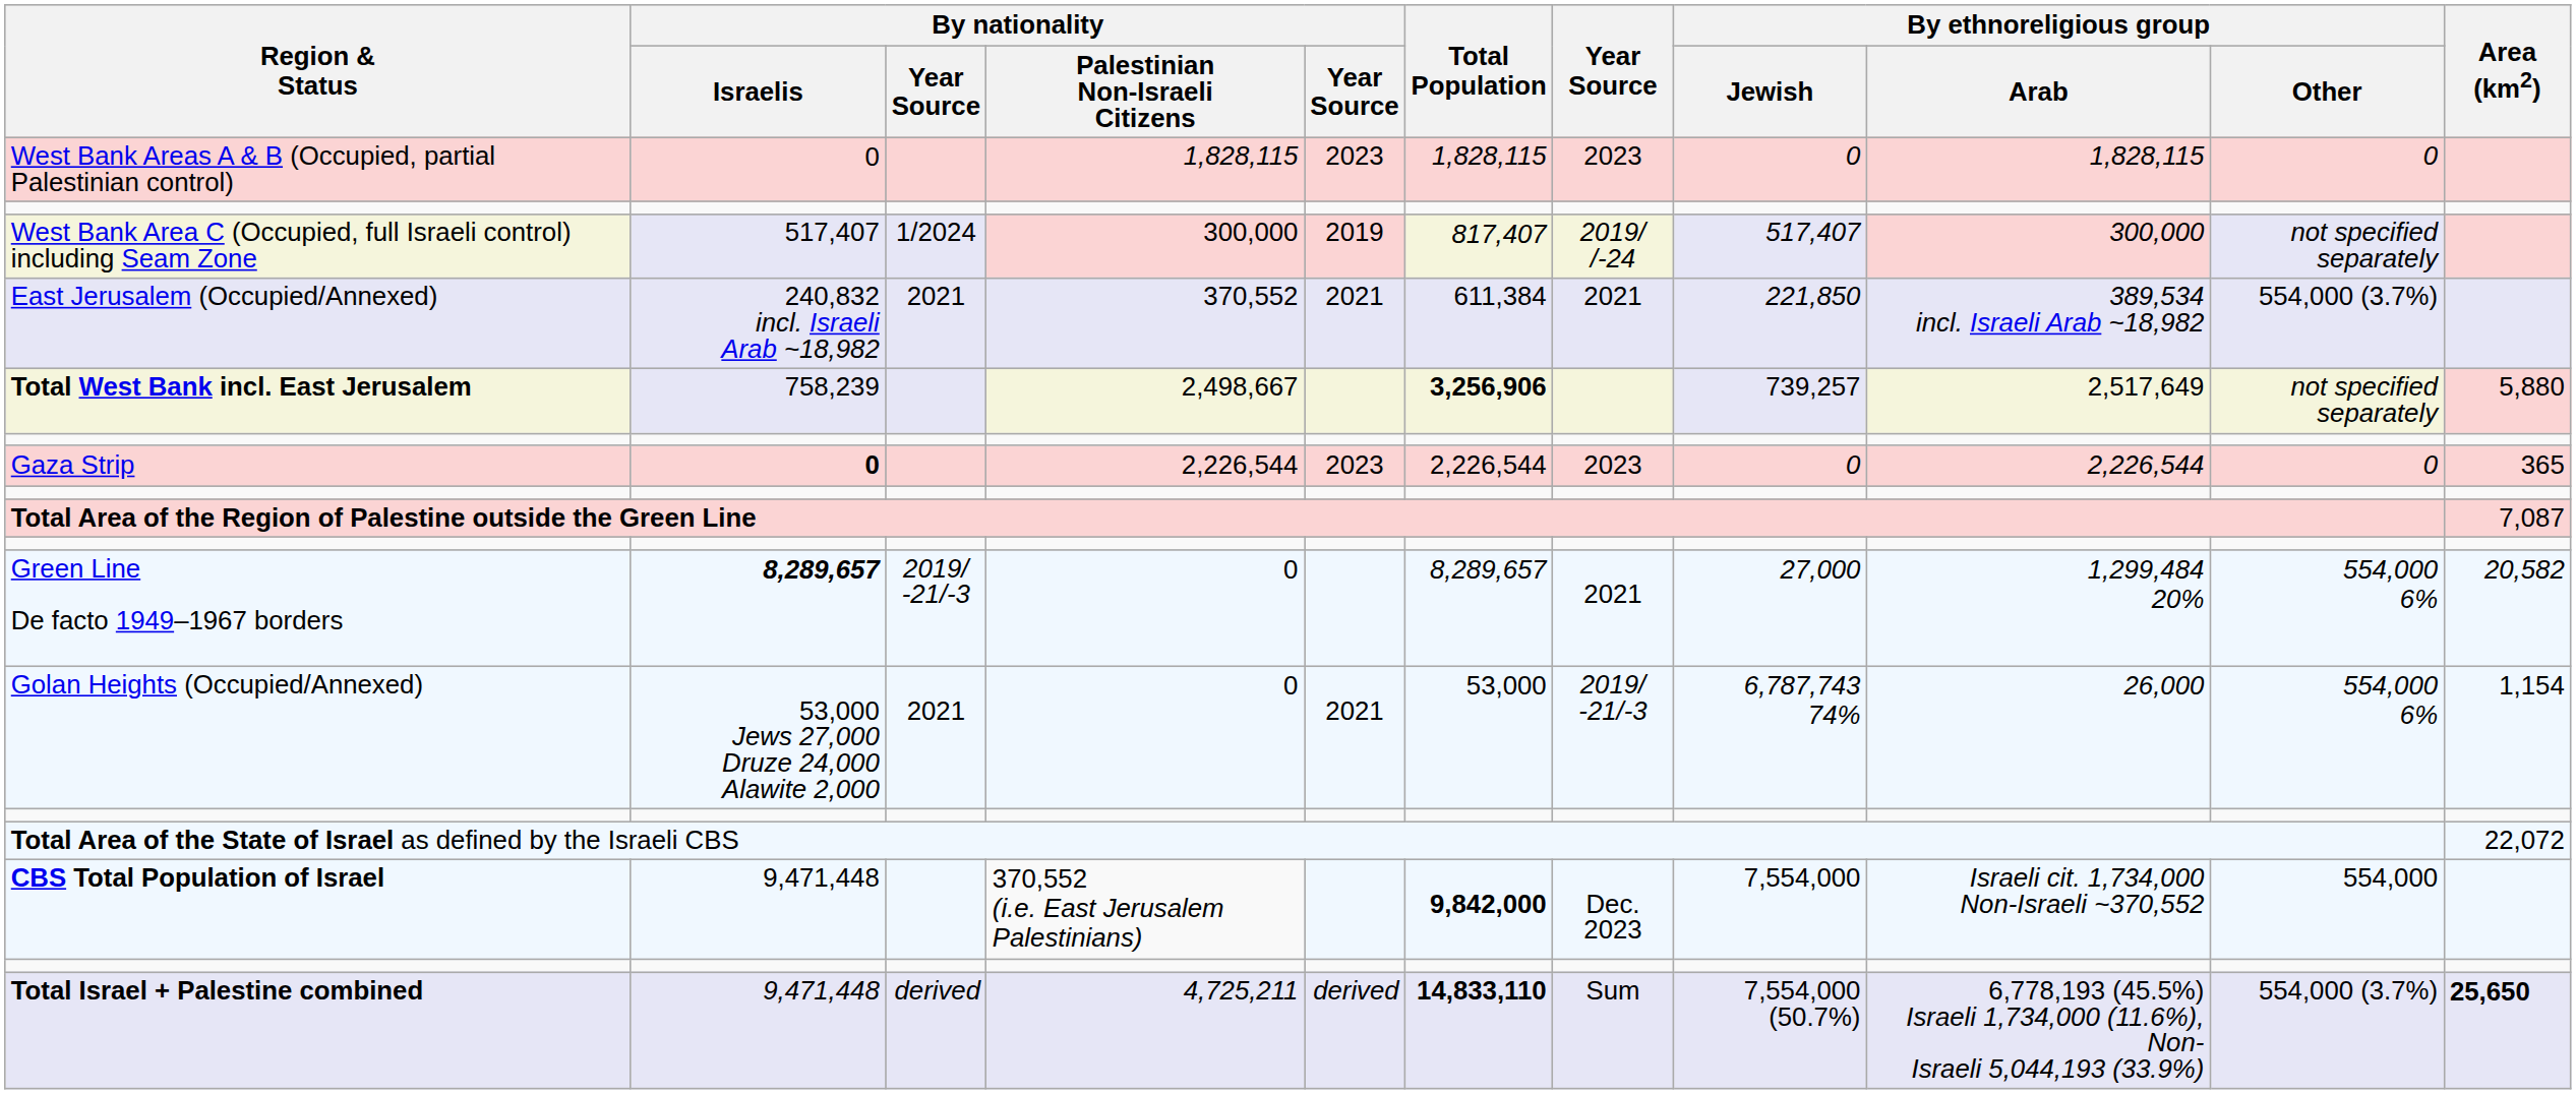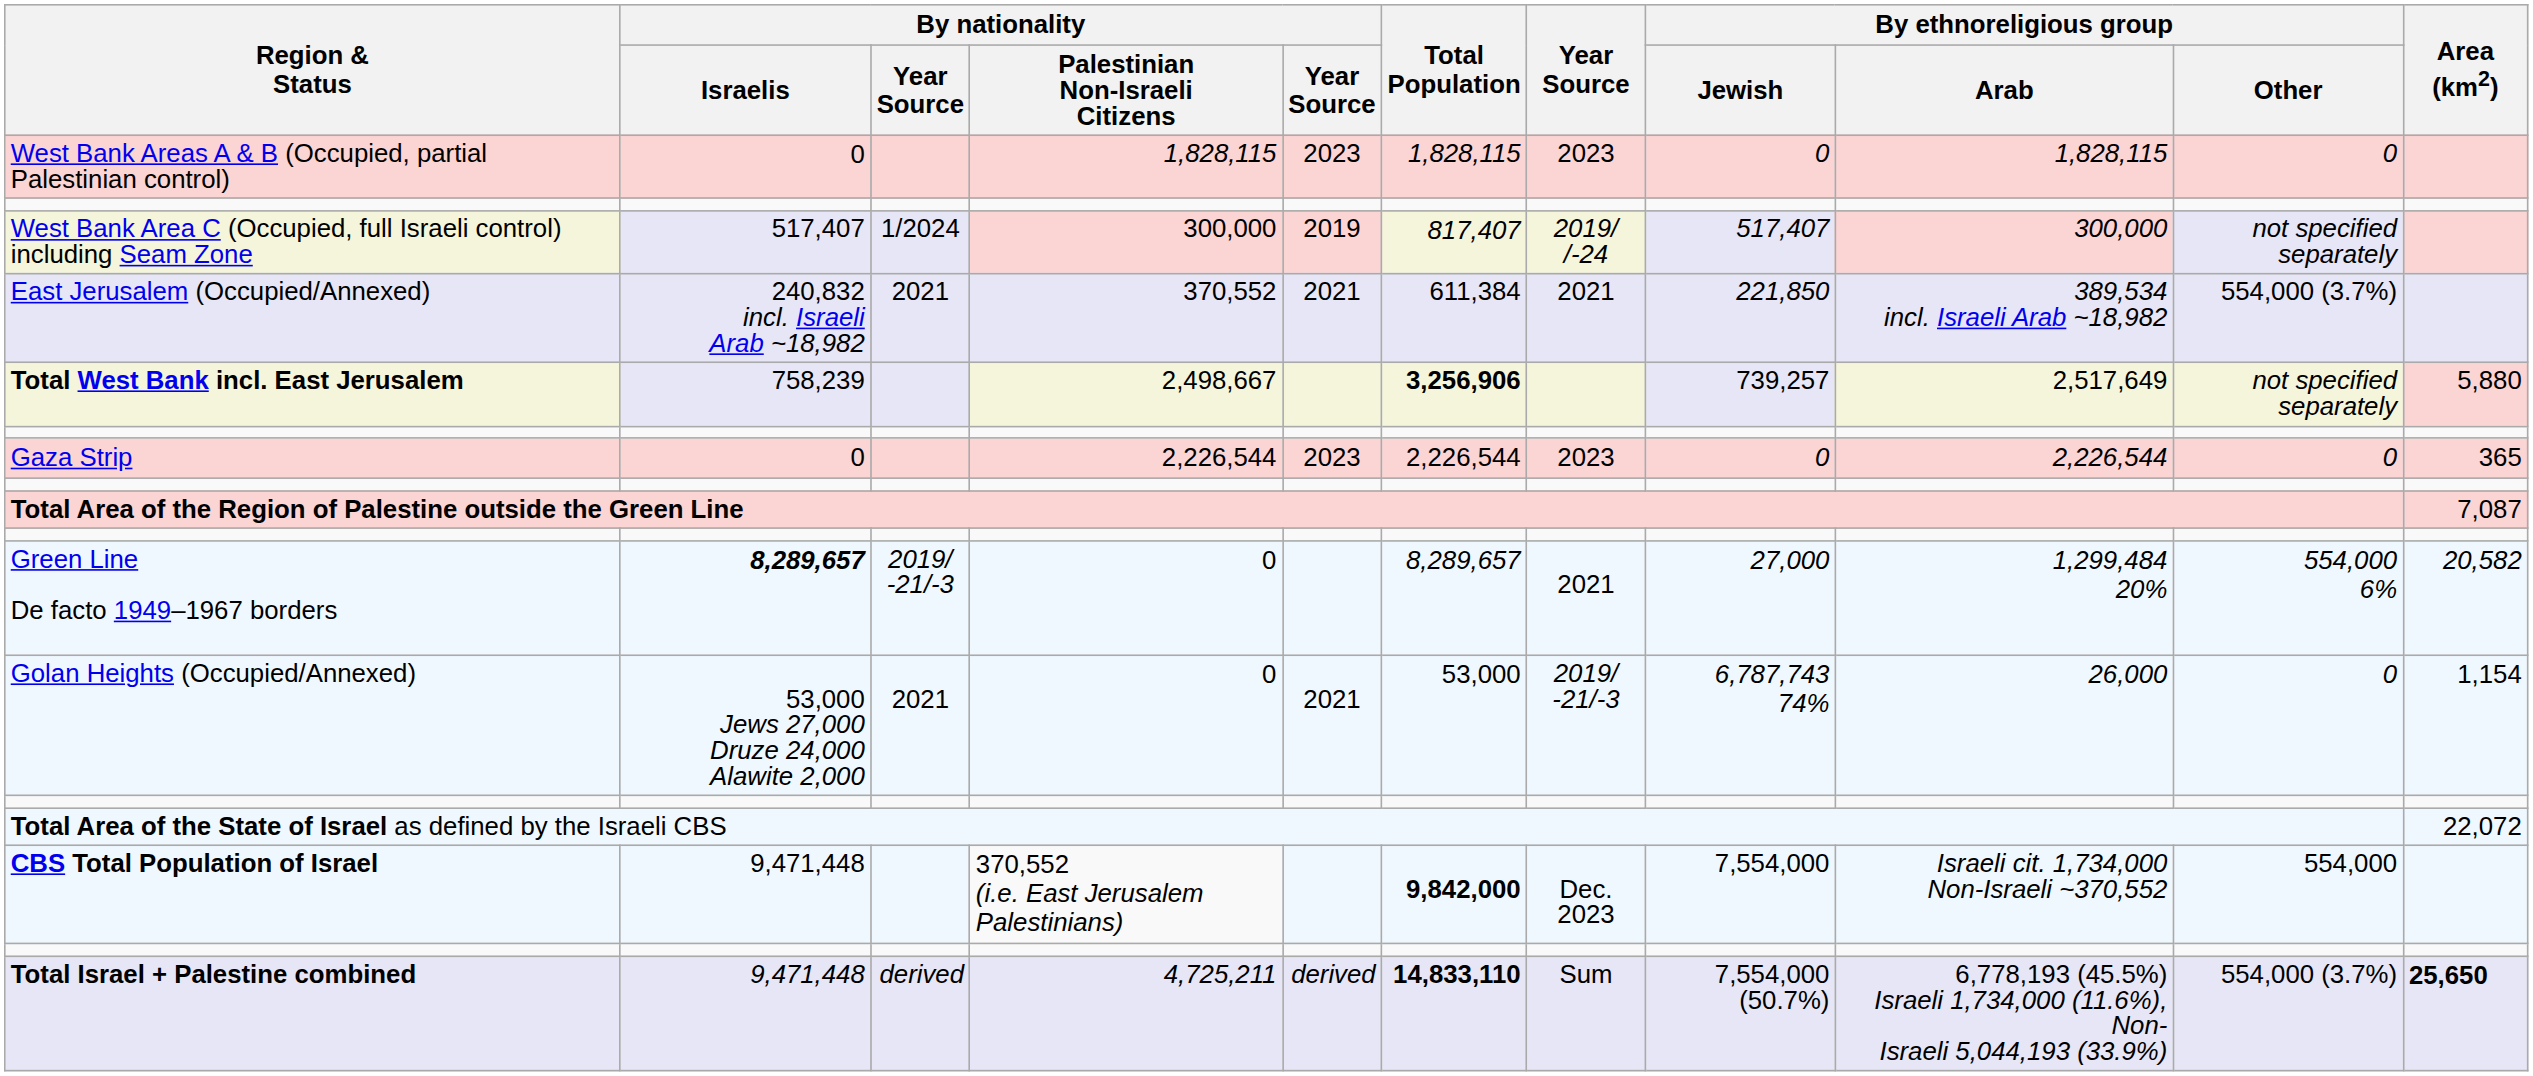 <table class="wikitable sortable sort-under">
 <tr>
 <th rowspan = 2>Region &<br>Status</th>
 <th colspan = 4>By nationality</th>
 <th rowspan = 2>Total<br>Population</th>
 <th rowspan = 2>Year<br>Source</th>
 <th colspan = 3>By ethnoreligious group</th>
 <th rowspan = 2>Area (km<sup>2</sup>)</th>
 </tr>
 <tr>
 <th scope="col">Israelis</th>
 <th scope="col">Year<br>Source</th>
 <th scope="col" style="vertical-align:top;line-height:100%;">Palestinian<br>Non-Israeli<br>Citizens</th>
 <th scope="col">Year<br>Source</th>
 <th scope="col">Jewish</th>
 <th scope="col">Arab</th>
 <th scope="col">Other</th>
 </tr>
 <tr>
 <td style="vertical-align:top;line-height:100%;background:#fbd4d4;"><a href='#'>West Bank Areas A & B</a> (Occupied, partial Palestinian control)</td>
 <td style="vertical-align:top;text-align:right;background:#fbd4d4;">0</td>
 <td style="vertical-align:top;text-align:center;background:#fbd4d4;"></td>
 <td style="vertical-align:top;text-align:right;line-height:100%;background:#fbd4d4;"><em>1,828,115</em></td>
 <td style="vertical-align:top;text-align:center;line-height:100%;background:#fbd4d4;">2023<br></td>
 <td style="vertical-align:top;text-align:right;line-height:100%;background:#fbd4d4;"><em>1,828,115</em></td>
 <td style="vertical-align:top;text-align:center;line-height:100%;background:#fbd4d4;">2023<br></td>
 <td style="vertical-align:top;text-align:right;line-height:100%;background:#fbd4d4;"><em>0</em></td>
 <td style="vertical-align:top;text-align:right;line-height:100%;background:#fbd4d4;"><em>1,828,115</em></td>
 <td style="vertical-align:top;text-align:right;line-height:100%;background:#fbd4d4;"><em>0</em></td>
 <td style="vertical-align:top;text-align:right;line-height:100%;background:#fbd4d4;"></td>
 </tr>
 <tr>
 <td></td>
 <td></td>
 <td></td>
 <td></td>
 <td></td>
 <td></td>
 <td></td>
 <td></td>
 <td></td>
 <td></td>
 <td></td>
 </tr>
 <tr>
 <td style="vertical-align:top;line-height:100%;background:beige;"><a href='#'>West Bank Area C</a> (Occupied, full Israeli control) including <a href='#'>Seam Zone</a><br></td>
 <td style="vertical-align:top;text-align:right;line-height:100%;background:#e6e6f6;">517,407</td>
 <td style="vertical-align:top;text-align:center;line-height:100%;background:#e6e6f6;">1/2024<br></td>
 <td style="vertical-align: top;text-align:right;line-height:100%;background:#fbd4d4;">300,000</td>
 <td style="vertical-align: top;text-align:center;line-height:100%;background:#fbd4d4;">2019<br></td>
 <td style="vertical-align: top;text-align:right;background:beige;"><em>817,407</em> </td>
 <td style="vertical-align: top;text-align:center;line-height:100%;background:beige;"><em>2019/<br>/-24</em></td>
 <td style="vertical-align: top;text-align:right;line-height:100%;background:#e6e6f6;"><em>517,407</em></td>
 <td style="vertical-align: top;text-align:right;line-height:100%;background:#fbd4d4"><em>300,000</em></td>
 <td style="vertical-align: top;text-align:right;line-height:100%;background:#e6e6f6;"><em>not specified separately</em></td>
 <td style="vertical-align:top;text-align:right;line-height:100%;background:#fbd4d4;"></td>
 </tr>
 <tr>
 <td style="vertical-align:top;line-height:100%;background:#e6e6f6;"><a href='#'>East Jerusalem</a> (Occupied/Annexed)</td>
 <td style="vertical-align:top;text-align:right;line-height:100%;background:#e6e6f6;">240,832<br><em>incl. <a href='#'>Israeli Arab</a> ~18,982</em></td>
 <td style="vertical-align:top;text-align:center;line-height:100%;background:#e6e6f6;">2021<br></td>
 <td style="vertical-align:top;text-align:right;line-height:100%;background:#e6e6f6;">370,552</td>
 <td style="vertical-align:top;text-align:center;line-height:100%;background:#e6e6f6;">2021<br></td>
 <td style="vertical-align:top;text-align:right;line-height:100%;background:#e6e6f6;">611,384</td>
 <td style="vertical-align:top;text-align:center;line-height:100%;background:#e6e6f6;">2021<br></td>
 <td style="vertical-align:top;text-align:right;line-height:100%;background:#e6e6f6;"><em>221,850</em> </td>
 <td style="vertical-align:top;text-align:right;line-height:100%;background:#e6e6f6;"><em>389,534</em><br><em>incl. <a href='#'>Israeli Arab</a> ~18,982</em></td>
 <td style="vertical-align:top;text-align:right;line-height:100%;background:#e6e6f6">554,000 (3.7%)</td>
 <td style="vertical-align:top;text-align:right;line-height:100%;background:#e6e6f6;"></td>
 </tr>
 <tr>
 <td style="vertical-align:top;line-height:100%;background:beige;"><strong>Total <a href='#'>West Bank</a> incl. East Jerusalem</strong></td>
 <td style="vertical-align:top;text-align:right;line-height:100%;background:#e6e6f6;">758,239</td>
 <td style="vertical-align:top;text-align:right;line-height:100%;background:#e6e6f6;"></td>
 <td style="vertical-align:top;text-align:right;line-height:100%;background:beige;">2,498,667</td>
 <td style="vertical-align:top;text-align:right;line-height:100%;background:beige;"></td>
 <td style="vertical-align:top;text-align:right;line-height:100%;background:beige;"><strong>3,256,906</strong></td>
 <td style="vertical-align:top;text-align:right;line-height:100%;background:beige;"></td>
 <td style="vertical-align:top;text-align:right;line-height:100%;background:#e6e6f6;">739,257</td>
 <td style="vertical-align:top;text-align:right;line-height:100%;background:beige;">2,517,649</td>
 <td style="vertical-align:top;text-align:right;line-height:100%;background:beige;"><em>not specified separately</em></td>
 <td style="vertical-align:top;text-align:right;line-height:100%;background:#fbd4d4;">5,880<br></td>
 </tr>
 <tr>
 <td></td>
 <td></td>
 <td></td>
 <td></td>
 <td></td>
 <td></td>
 <td></td>
 <td></td>
 <td></td>
 <td></td>
 <td></td>
 </tr>
 <tr>
 <td style="vertical-align:middle;line-height:100%;#fbd4d4;background:#fbd4d4;"><a href='#'>Gaza Strip</a></td>
-<td style="vertical-align:middle;text-align:right;background:#fbd4d4"><strong>0</strong></td>
+<td style="vertical-align:middle;text-align:right;background:#fbd4d4">0</td>
 <td style="vertical-align:middle;text-align:center;background:#fbd4d4;"></td>
 <td style="vertical-align:middle;text-align:right;line-height:100%;background:#fbd4d4;">2,226,544</td>
 <td style="vertical-align:middle;text-align:center;line-height:100%;background:#fbd4d4;">2023<br></td>
 <td style="vertical-align:middle;text-align:right;line-height:100%;background:#fbd4d4;">2,226,544</td>
 <td style="vertical-align:middle;text-align:center;line-height:100%;background:#fbd4d4;">2023<br></td>
 <td style="vertical-align:middle;text-align:right;line-height:100%;background:#fbd4d4"><em>0</em></td>
 <td style="vertical-align:middle;text-align:right;line-height:100%;background:#fbd4d4;"><em>2,226,544</em></td>
 <td style="vertical-align:middle;text-align:right;line-height:100%;background:#fbd4d4"><em>0</em></td>
 <td style="vertical-align:middle;text-align:right;line-height:100%;background:#fbd4d4">365</td>
 </tr>
 <tr>
 <td></td>
 <td></td>
 <td></td>
 <td></td>
 <td></td>
 <td></td>
 <td></td>
 <td></td>
 <td></td>
 <td></td>
 <td></td>
 </tr>
 <tr>
 <td colspan = 10 style="vertical-align:top;line-height:100%;text-align:left;background:#fbd4d4;"><strong>Total Area of the Region of Palestine outside the Green Line</strong></td>
 <td style="vertical-align:top;line-height:100%;text-align:right;background:#fbd4d4;">7,087</td>
 </tr>
 <tr>
 <td></td>
 <td></td>
 <td></td>
 <td></td>
 <td></td>
 <td></td>
 <td></td>
 <td></td>
 <td></td>
 <td></td>
 <td></td>
 </tr>
 <tr>
 <td style="vertical-align:top;line-height:100%;background:aliceblue;"><a href='#'>Green Line</a><br><p>De facto <a href='#'>1949</a>–1967 borders</p></td>
 <td style="vertical-align:top;text-align:right;background:aliceblue;"><strong><em>8,289,657</em></strong></td>
 <td style="vertical-align:top;text-align:center;line-height:100%;background:aliceblue;"><em>2019/<br>-21/-3</em><br></td>
 <td style="vertical-align:top;text-align:right;background:aliceblue;">0</td>
 <td style="vertical-align:top;text-align:center;background:aliceblue;"></td>
 <td style="vertical-align:top;text-align:right;background:aliceblue;"><em>8,289,657</em></td>
 <td style="vertical-align:top;text-align:center;line-height:100%;background:aliceblue;"><br>2021<br></td>
 <td style="vertical-align:top;text-align:right;background:aliceblue;"><em>27,000</em></td>
 <td style="vertical-align:top;text-align:right;background:aliceblue;"><em>1,299,484</em><br><em>20%</em> </td>
 <td style="vertical-align:top;text-align:right;background:aliceblue;"><em>554,000</em><br><em>6%</em> </td>
 <td style="vertical-align:top;text-align:right;background:aliceblue;"><em>20,582</em><br></td>
 </tr>
 <tr>
 <td style="vertical-align:top;line-height:100%;background:aliceblue;"><a href='#'>Golan Heights</a> (Occupied/Annexed)<br></td>
 <td style="vertical-align:top;text-align:right;line-height:100%;background:aliceblue;"><br>53,000<br><em>Jews 27,000<br>Druze 24,000<br>Alawite 2,000</em></td>
 <td style="vertical-align:top;text-align:center;line-height:100%;background:aliceblue;"><br>2021<br></td>
 <td style="vertical-align:top;text-align:right;background:aliceblue;">0</td>
 <td style="vertical-align:top;text-align:center;line-height:100%;background:aliceblue;"><br>2021<br></td>
 <td style="vertical-align:top;text-align:right;background:aliceblue;">53,000</td>
 <td style="vertical-align:top;text-align:center;line-height:100%;background:aliceblue;"><em>2019/<br>-21/-3</em><br></td>
 <td style="vertical-align:top;text-align:right;background:aliceblue;"><em>6,787,743</em><br><em>74%</em></td>
 <td style="vertical-align:top;text-align:right;background:aliceblue;"><em>26,000</em></td>
-<td style="vertical-align:top;text-align:right;background:aliceblue;"><em>554,000</em><br><em>6%</em> </td>
+<td style="vertical-align:top;text-align:right;background:aliceblue;"><em>0</em></td>
 <td style="vertical-align:top;text-align:right;background:aliceblue;">1,154</td>
 </tr>
 <tr>
 <td></td>
 <td></td>
 <td></td>
 <td></td>
 <td></td>
 <td></td>
 <td></td>
 <td></td>
 <td></td>
 <td></td>
 <td></td>
 </tr>
 <tr>
 <td colspan=10  style="vertical-align:top;line-height:100%;background:aliceblue;"><strong>Total Area of the State of Israel</strong> as defined by the Israeli CBS</td>
 <td style="vertical-align:top;text-align:right;line-height:100%;background:aliceblue;">22,072 </td>
 </tr>
 <tr>
 <td style="vertical-align:top;text-align:left;line-height:100%;background:aliceblue;"><strong><a href='#'>CBS</a> Total Population of Israel</strong></td>
 <td style="vertical-align:top;text-align:right;line-height:100%;background:aliceblue;">9,471,448</td>
 <td style="vertical-align:top;text-align:right;line-height:100%;background:aliceblue;"></td>
 <td>370,552<br><em>(i.e. East Jerusalem Palestinians)</em></td>
 <td style="vertical-align:top;text-align:right;line-height:100%;background:aliceblue;"></td>
 <td style="vertical-align:top;text-align:right;line-height:100%;background:aliceblue;"><br><strong>9,842,000</strong></td>
 <td style="vertical-align:top;text-align:center;line-height:100%;background:aliceblue;"><br>Dec. 2023<br></td>
 <td style="vertical-align:top;text-align:right;line-height:100%;background:aliceblue;">7,554,000</td>
 <td style="vertical-align:top;text-align:right;line-height:100%;background:aliceblue;"><em>Israeli cit. 1,734,000<br>Non-Israeli ~370,552</em></td>
 <td style="vertical-align:top;text-align:right;line-height:100%;background:aliceblue;">554,000</td>
 <td style="vertical-align:top;text-align:right;line-height:100%;background:aliceblue;"></td>
 </tr>
 <tr>
 <td></td>
 <td></td>
 <td></td>
 <td></td>
 <td></td>
 <td></td>
 <td></td>
 <td></td>
 <td></td>
 <td></td>
 <td></td>
 </tr>
 <tr>
 <td style="vertical-align:top;text-align:left;line-height:100%;background:#e6e6f6"><strong>Total Israel + Palestine combined</strong></td>
 <td style="vertical-align:top;text-align:right;line-height:100%;background:#e6e6f6"><em>9,471,448</em></td>
 <td style="vertical-align:top;text-align:right;line-height:100%;background:#e6e6f6"><em>derived</em></td>
 <td style="vertical-align:top;text-align:right;line-height:100%;background:#e6e6f6"><em>4,725,211</em></td>
 <td style="vertical-align:top;text-align:right;line-height:100%;background:#e6e6f6"><em>derived</em></td>
 <td style="vertical-align:top;text-align:right;line-height:100%;background:#e6e6f6"><strong>14,833,110</strong></td>
 <td style="vertical-align:top;text-align:center;line-height:100%;background:#e6e6f6">Sum</td>
 <td style="vertical-align:top;text-align:right;line-height:100%;background:#e6e6f6">7,554,000 (50.7%)</td>
 <td style="vertical-align:top;text-align:right;line-height:100%;background:#e6e6f6">6,778,193 (45.5%)<br><span><em>Israeli 1,734,000 (11.6%),<br>Non-Israeli 5,044,193 (33.9%)</em></span></td>
 <td style="vertical-align:top;text-align:right;line-height:100%;background:#e6e6f6">554,000 (3.7%)</td>
 <td style="vertical-align:top;align:right;background:#e6e6f6"><strong>25,650</strong></td>
 </tr>
 </table>
